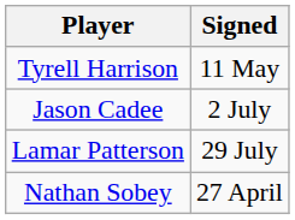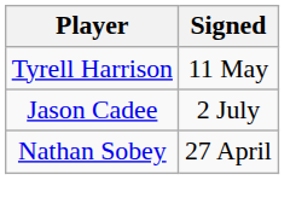 <table class="wikitable sortable sortable" style="text-align: center">
 <tr>
 <th>Player</th>
 <th>Signed</th>
 </tr>
 <tr>
 <td><a href='#'>Tyrell Harrison</a></td>
 <td>11 May</td>
 </tr>
 <tr>
 <td><a href='#'>Jason Cadee</a></td>
 <td>2 July</td>
 </tr>
 <tr>
-<td><a href='#'>Lamar Patterson</a></td>
-<td>29 July</td>
-</tr>
-<tr>
 <td><a href='#'>Nathan Sobey</a></td>
 <td>27 April</td>
 </tr>
 </table>
